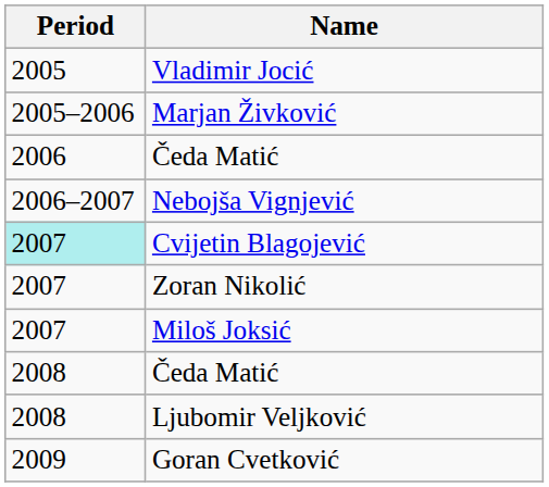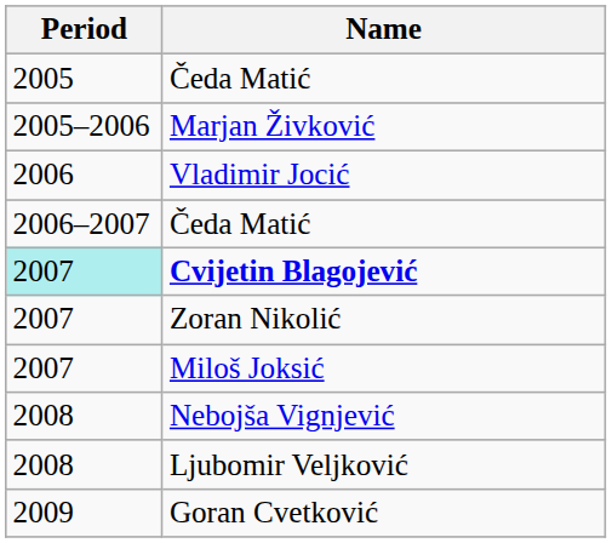 <table class=wikitable style="display:inline-table;">
 <tr>
 <th width="75">Period</th>
 <th width="225">Name</th>
 </tr>
 <tr>
 <td>2005</td>
-<td> <a href='#'>Vladimir Jocić</a></td>
+<td> Čeda Matić</td>
 </tr>
 <tr>
 <td>2005–2006</td>
 <td> <a href='#'>Marjan Živković</a></td>
 </tr>
 <tr>
 <td>2006</td>
+<td> <a href='#'>Vladimir Jocić</a></td>
+</tr>
+<tr>
+<td>2006–2007</td>
 <td> Čeda Matić</td>
 </tr>
 <tr>
-<td>2006–2007</td>
-<td> <a href='#'>Nebojša Vignjević</a></td>
-</tr>
-<tr>
 <td style="background: paleturquoise;">2007</td>
-<td> <a href='#'>Cvijetin Blagojević</a></td>
+<td><strong> <a href='#'>Cvijetin Blagojević</a></strong></td>
 </tr>
 <tr>
 <td>2007</td>
 <td> Zoran Nikolić</td>
 </tr>
 <tr>
 <td>2007</td>
 <td> <a href='#'>Miloš Joksić</a></td>
 </tr>
 <tr>
 <td>2008</td>
-<td> Čeda Matić</td>
+<td> <a href='#'>Nebojša Vignjević</a></td>
 </tr>
 <tr>
 <td>2008</td>
 <td> Ljubomir Veljković</td>
 </tr>
 <tr>
 <td>2009</td>
 <td> Goran Cvetković</td>
 </tr>
 </table>
